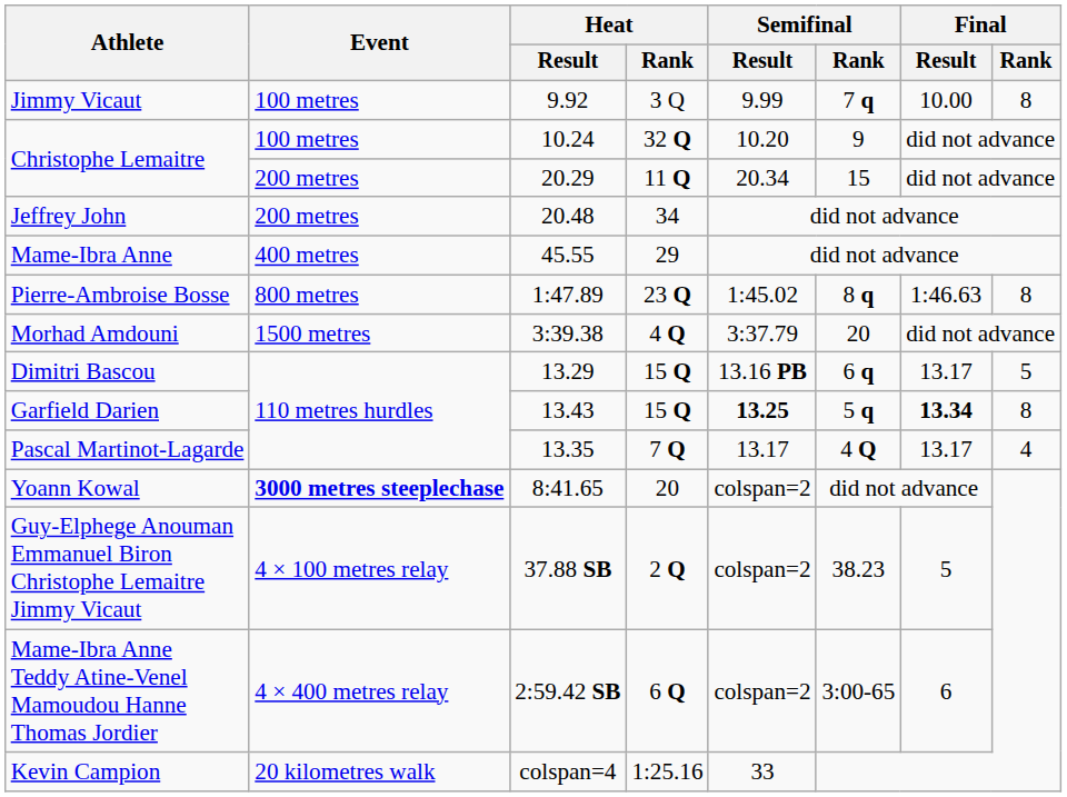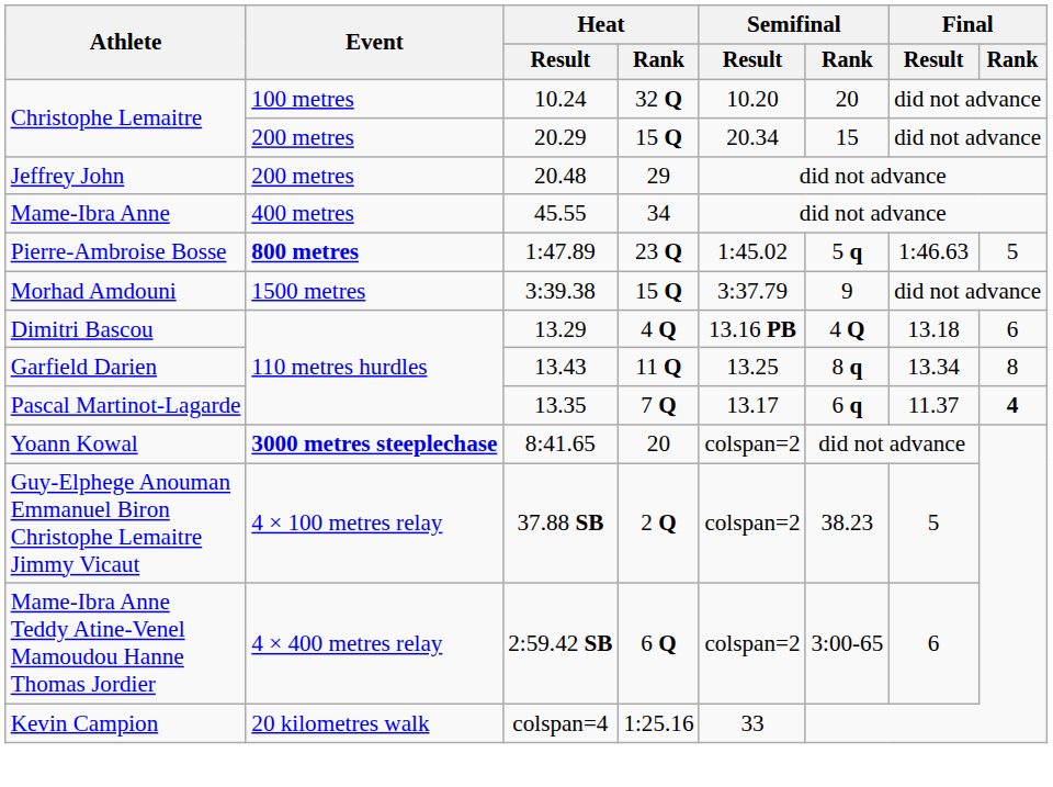 <table class="wikitable" style="font-size:90%">
 <tr>
 <th rowspan="2">Athlete</th>
 <th rowspan="2">Event</th>
 <th colspan="2">Heat</th>
 <th colspan="2">Semifinal</th>
 <th colspan="2">Final</th>
 </tr>
 <tr style="font-size:95%">
 <th>Result</th>
 <th>Rank</th>
 <th>Result</th>
 <th>Rank</th>
 <th>Result</th>
 <th>Rank</th>
 </tr>
 <tr style=text-align:center>
-<td style=text-align:left><a href='#'>Jimmy Vicaut</a></td>
-<td style=text-align:left><a href='#'>100 metres</a></td>
-<td>9.92</td>
-<td>3 Q</td>
-<td>9.99</td>
-<td>7 <strong>q</strong></td>
-<td>10.00</td>
-<td>8</td>
-</tr>
-<tr style=text-align:center>
 <td style=text-align:left rowspan=2><a href='#'>Christophe Lemaitre</a></td>
 <td style=text-align:left><a href='#'>100 metres</a></td>
 <td>10.24</td>
 <td>32 <strong>Q</strong></td>
 <td>10.20</td>
-<td>9</td>
+<td>20</td>
 <td colspan=2>did not advance</td>
 </tr>
 <tr style=text-align:center>
 <td style=text-align:left><a href='#'>200 metres</a></td>
 <td>20.29</td>
-<td>11 <strong>Q</strong></td>
+<td>15 <strong>Q</strong></td>
 <td>20.34</td>
 <td>15</td>
 <td colspan=2>did not advance</td>
 </tr>
 <tr style=text-align:center>
 <td style=text-align:left><a href='#'>Jeffrey John</a></td>
 <td style=text-align:left><a href='#'>200 metres</a></td>
 <td>20.48</td>
-<td>34</td>
+<td>29</td>
 <td colspan=4>did not advance</td>
 </tr>
 <tr style=text-align:center>
 <td style=text-align:left><a href='#'>Mame-Ibra Anne</a></td>
 <td style=text-align:left><a href='#'>400 metres</a></td>
 <td>45.55</td>
-<td>29</td>
+<td>34</td>
 <td colspan=4>did not advance</td>
 </tr>
 <tr style=text-align:center>
 <td style=text-align:left><a href='#'>Pierre-Ambroise Bosse</a></td>
-<td style=text-align:left><a href='#'>800 metres</a></td>
+<td style=text-align:left><strong><a href='#'>800 metres</a></strong></td>
 <td>1:47.89</td>
 <td>23 <strong>Q</strong></td>
 <td>1:45.02</td>
-<td>8 <strong>q</strong></td>
+<td>5 <strong>q</strong></td>
 <td>1:46.63</td>
-<td>8</td>
+<td>5</td>
 </tr>
 <tr style=text-align:center>
 <td style=text-align:left><a href='#'>Morhad Amdouni</a></td>
 <td style=text-align:left><a href='#'>1500 metres</a></td>
 <td>3:39.38</td>
-<td>4 <strong>Q</strong></td>
+<td>15 <strong>Q</strong></td>
 <td>3:37.79</td>
-<td>20</td>
+<td>9</td>
 <td colspan=2>did not advance</td>
 </tr>
 <tr style=text-align:center>
 <td style=text-align:left><a href='#'>Dimitri Bascou</a></td>
 <td style=text-align:left rowspan=3><a href='#'>110 metres hurdles</a></td>
 <td>13.29</td>
-<td>15 <strong>Q</strong></td>
+<td>4 <strong>Q</strong></td>
 <td>13.16 <strong>PB</strong></td>
-<td>6 <strong>q</strong></td>
-<td>13.17</td>
-<td>5</td>
+<td>4 <strong>Q</strong></td>
+<td>13.18</td>
+<td>6</td>
 </tr>
 <tr style=text-align:center>
 <td style=text-align:left><a href='#'>Garfield Darien</a></td>
 <td>13.43</td>
-<td>15 <strong>Q</strong></td>
-<td><strong>13.25</strong></td>
-<td>5 <strong>q</strong></td>
-<td><strong>13.34</strong></td>
+<td>11 <strong>Q</strong></td>
+<td>13.25</td>
+<td>8 <strong>q</strong></td>
+<td>13.34</td>
 <td>8</td>
 </tr>
 <tr style=text-align:center>
 <td style=text-align:left><a href='#'>Pascal Martinot-Lagarde</a></td>
 <td>13.35</td>
 <td>7 <strong>Q</strong></td>
 <td>13.17</td>
-<td>4 <strong>Q</strong></td>
-<td>13.17</td>
-<td>4</td>
+<td>6 <strong>q</strong></td>
+<td>11.37</td>
+<td><strong>4</strong></td>
 </tr>
 <tr style=text-align:center>
 <td style=text-align:left><a href='#'>Yoann Kowal</a></td>
 <td style=text-align:left><strong><a href='#'>3000 metres steeplechase</a></strong></td>
 <td>8:41.65</td>
 <td>20</td>
 <td>colspan=2 </td>
 <td colspan=2>did not advance</td>
 </tr>
 <tr style=text-align:center>
 <td style=text-align:left><a href='#'>Guy-Elphege Anouman</a><br><a href='#'>Emmanuel Biron</a><br><a href='#'>Christophe Lemaitre</a><br><a href='#'>Jimmy Vicaut</a></td>
 <td style=text-align:left><a href='#'>4 × 100 metres relay</a></td>
 <td>37.88 <strong>SB</strong></td>
 <td>2 <strong>Q</strong></td>
 <td>colspan=2 </td>
 <td>38.23</td>
 <td>5</td>
 </tr>
 <tr style=text-align:center>
 <td style=text-align:left><a href='#'>Mame-Ibra Anne</a><br><a href='#'>Teddy Atine-Venel</a><br><a href='#'>Mamoudou Hanne</a><br><a href='#'>Thomas Jordier</a></td>
 <td style=text-align:left><a href='#'>4 × 400 metres relay</a></td>
 <td>2:59.42 <strong>SB</strong></td>
 <td>6 <strong>Q</strong></td>
 <td>colspan=2 </td>
 <td>3:00-65</td>
 <td>6</td>
 </tr>
 <tr style=text-align:center>
 <td style=text-align:left><a href='#'>Kevin Campion</a></td>
 <td style=text-align:left><a href='#'>20 kilometres walk</a></td>
 <td>colspan=4 </td>
 <td>1:25.16</td>
 <td>33</td>
 </tr>
 </table>
